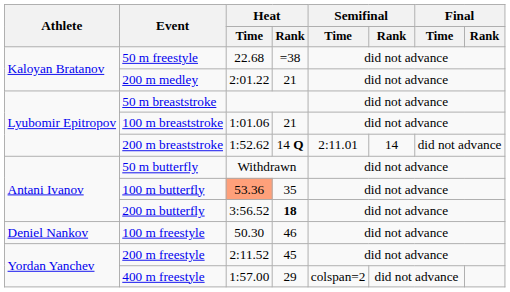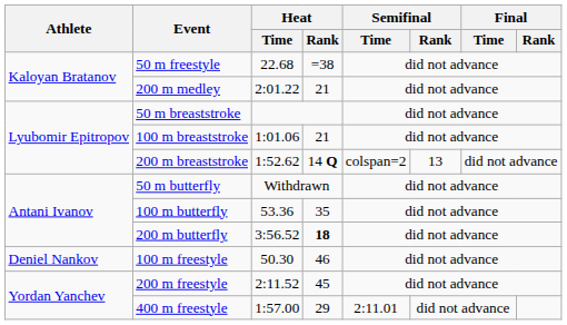 <table class="wikitable" style="text-align:center; font-size:90%">
 <tr>
 <th rowspan="2">Athlete</th>
 <th rowspan="2">Event</th>
 <th colspan="2">Heat</th>
 <th colspan="2">Semifinal</th>
 <th colspan="2">Final</th>
 </tr>
 <tr style="font-size:95%">
 <th>Time</th>
 <th>Rank</th>
 <th>Time</th>
 <th>Rank</th>
 <th>Time</th>
 <th>Rank</th>
 </tr>
 <tr>
 <td align=left rowspan=2><a href='#'>Kaloyan Bratanov</a></td>
 <td align=left><a href='#'>50 m freestyle</a></td>
 <td>22.68</td>
 <td>=38</td>
 <td colspan=4>did not advance</td>
 </tr>
 <tr>
 <td align=left><a href='#'>200 m medley</a></td>
 <td>2:01.22</td>
 <td>21</td>
 <td colspan=4>did not advance</td>
 </tr>
 <tr>
 <td align=left rowspan=3><a href='#'>Lyubomir Epitropov</a></td>
 <td align=left><a href='#'>50 m breaststroke</a></td>
 <td colspan=2></td>
 <td colspan=4>did not advance</td>
 </tr>
 <tr>
 <td align=left><a href='#'>100 m breaststroke</a></td>
 <td>1:01.06</td>
 <td>21</td>
 <td colspan=4>did not advance</td>
 </tr>
 <tr>
 <td align=left><a href='#'>200 m breaststroke</a></td>
 <td>1:52.62</td>
 <td>14 <strong>Q</strong></td>
-<td>2:11.01</td>
-<td>14</td>
+<td>colspan=2 </td>
+<td>13</td>
 <td colspan=2>did not advance</td>
 </tr>
 <tr>
 <td rowspan=3 align=left><a href='#'>Antani Ivanov</a></td>
 <td align=left><a href='#'>50 m butterfly</a></td>
 <td colspan=2>Withdrawn</td>
 <td colspan=4>did not advance</td>
 </tr>
 <tr>
 <td align=left><a href='#'>100 m butterfly</a></td>
-<td style="background: lightsalmon;">53.36</td>
+<td>53.36</td>
 <td>35</td>
 <td colspan=4>did not advance</td>
 </tr>
 <tr>
 <td align=left><a href='#'>200 m butterfly</a></td>
 <td>3:56.52</td>
 <td><strong>18</strong></td>
 <td colspan=4>did not advance</td>
 </tr>
 <tr>
 <td align=left><a href='#'>Deniel Nankov</a></td>
 <td align=left><a href='#'>100 m freestyle</a></td>
 <td>50.30</td>
 <td>46</td>
 <td colspan=4>did not advance</td>
 </tr>
 <tr>
 <td rowspan=2 align=left><a href='#'>Yordan Yanchev</a></td>
 <td align=left><a href='#'>200 m freestyle</a></td>
 <td>2:11.52</td>
 <td>45</td>
 <td colspan=4>did not advance</td>
 </tr>
 <tr>
 <td align=left><a href='#'>400 m freestyle</a></td>
 <td>1:57.00</td>
 <td>29</td>
-<td>colspan=2 </td>
+<td>2:11.01</td>
 <td colspan=2>did not advance</td>
 </tr>
 </table>
